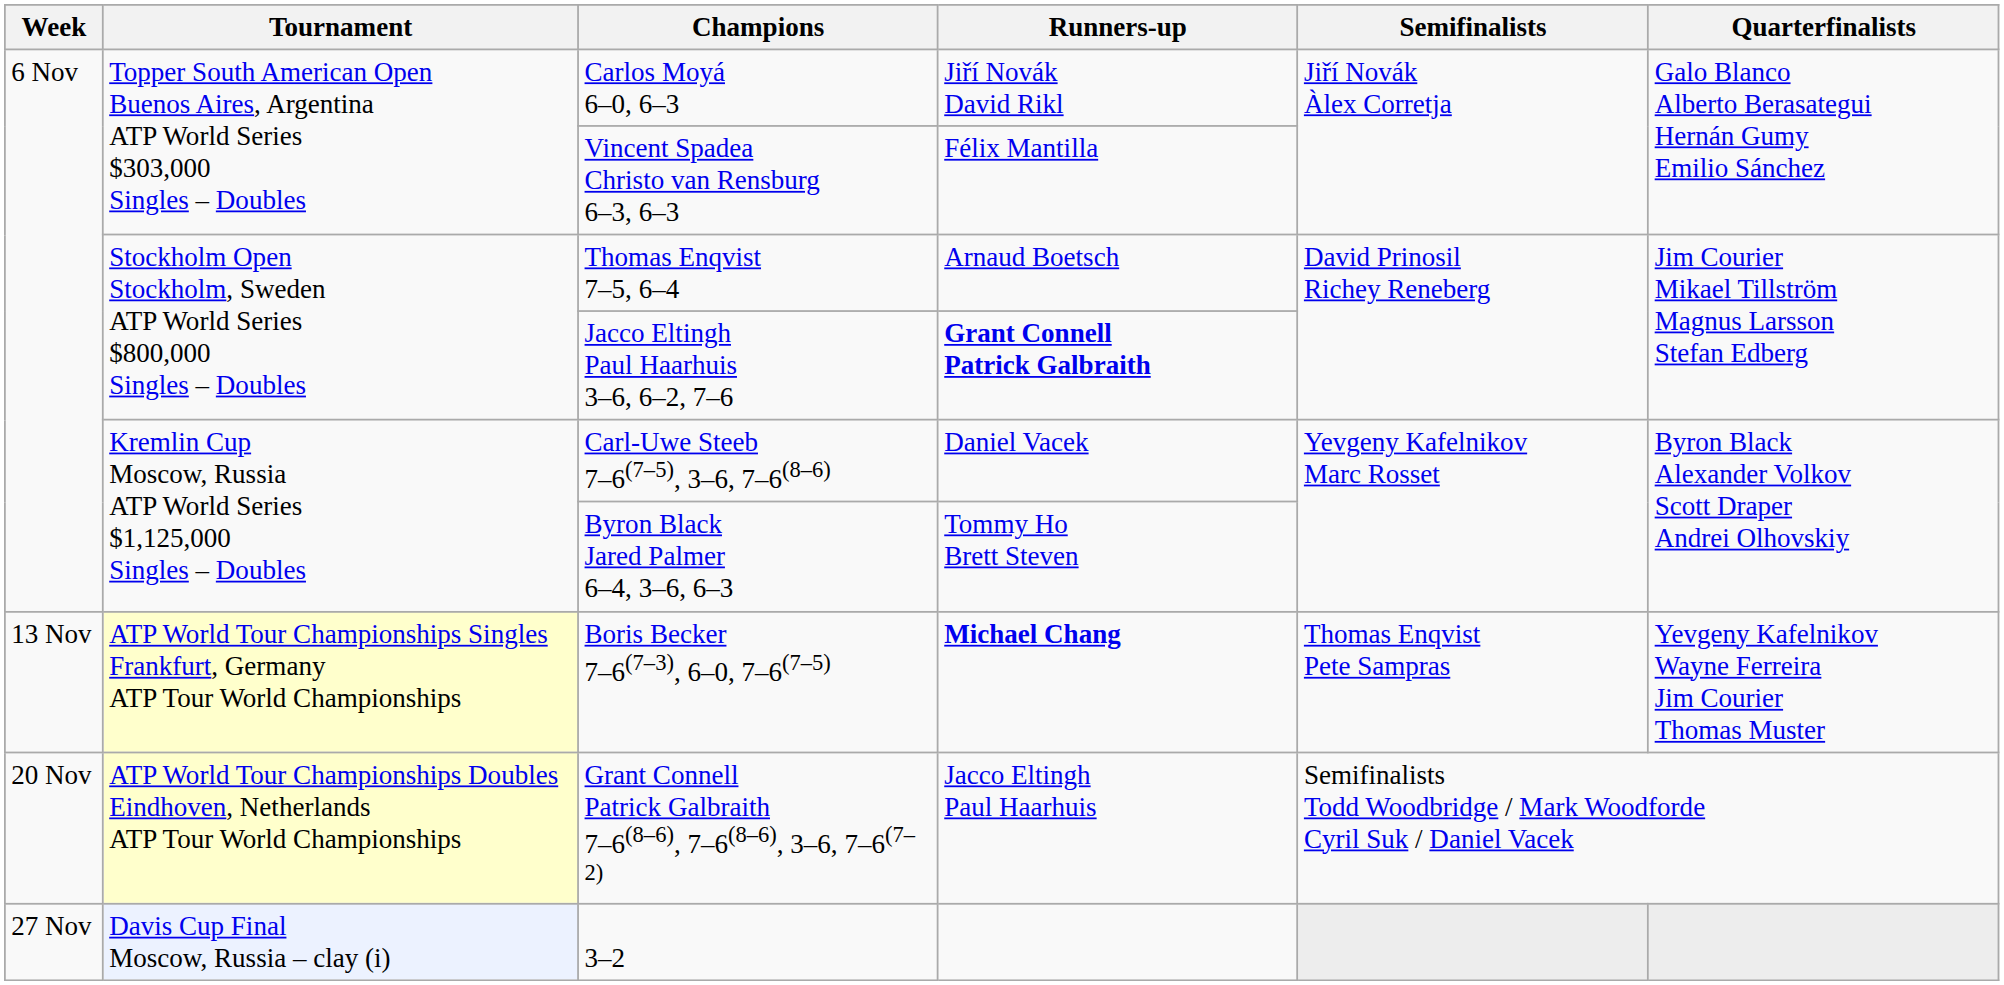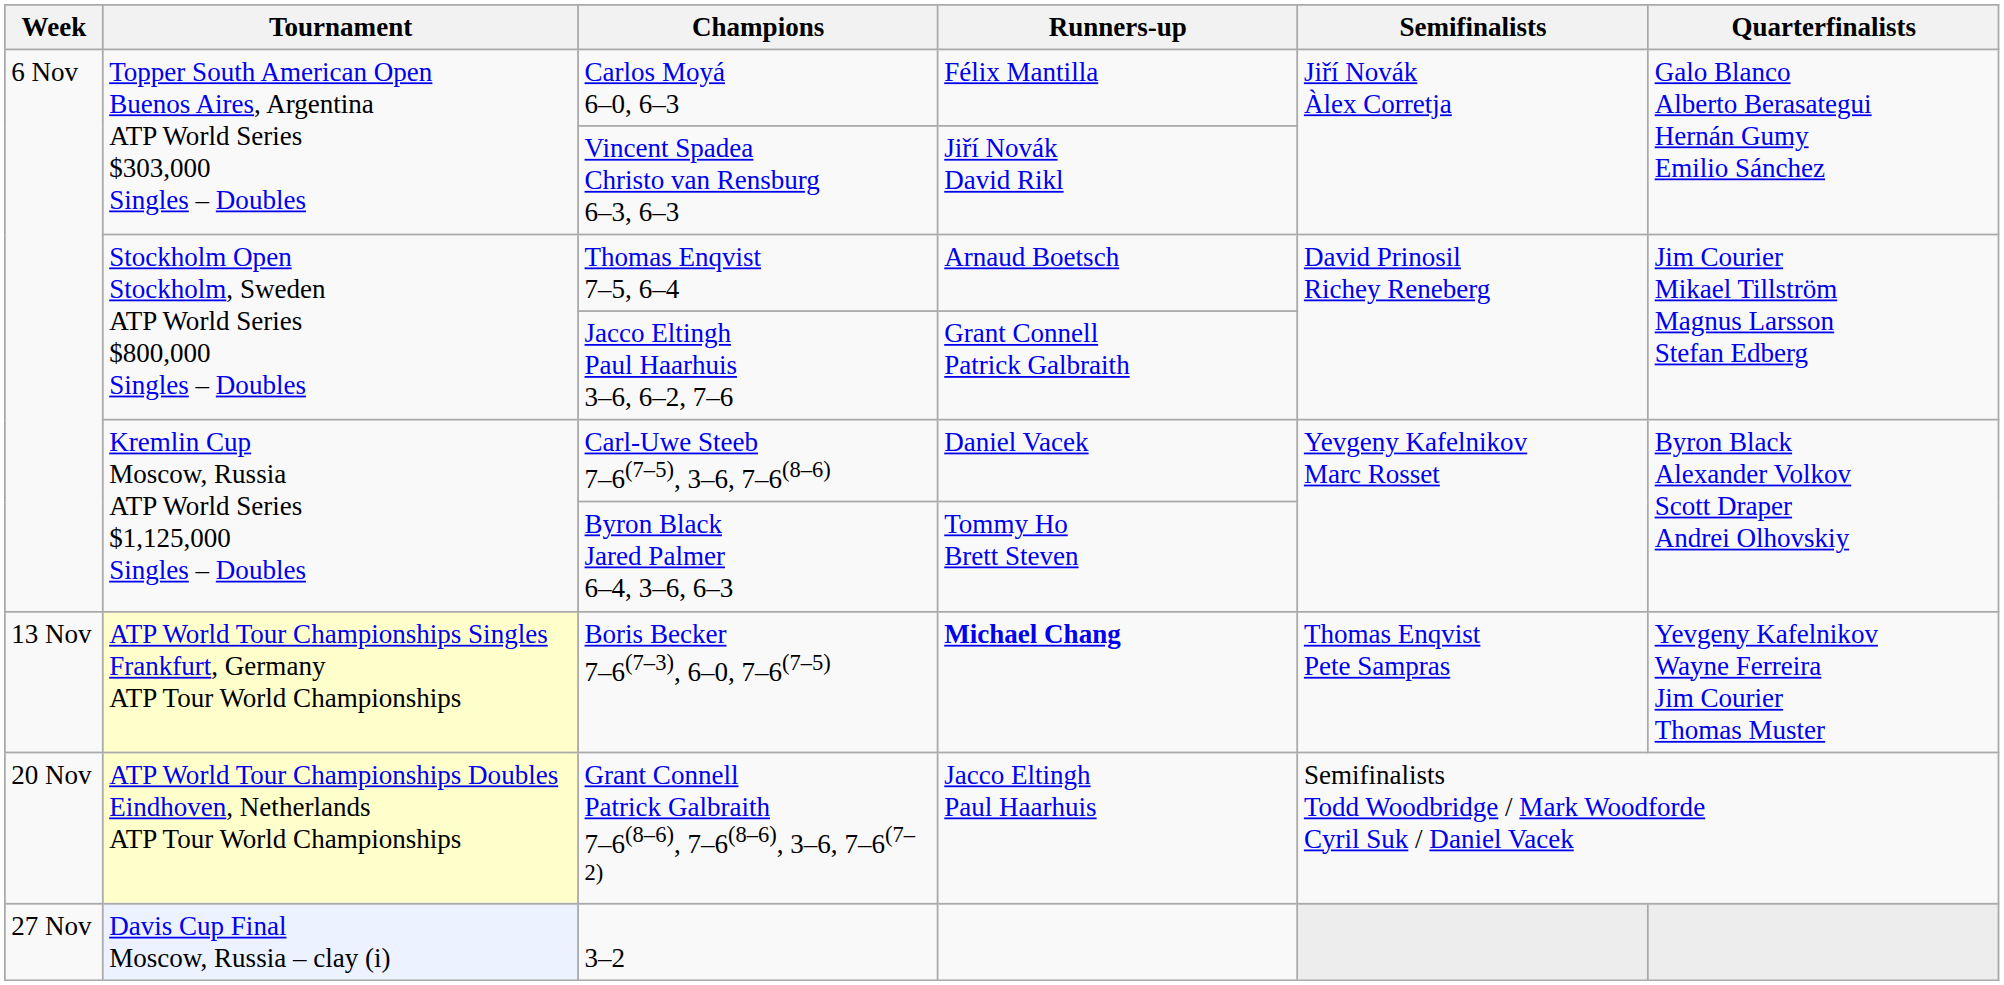 <table class=wikitable style=font-size:95%>
 <tr>
 <th style="width:48px;">Week</th>
 <th style="width:260px;">Tournament</th>
 <th style="width:195px;">Champions</th>
 <th style="width:195px;">Runners-up</th>
 <th style="width:190px;">Semifinalists</th>
 <th style="width:190px;">Quarterfinalists</th>
 </tr>
 <tr valign=top>
 <td rowspan=6>6 Nov</td>
 <td rowspan=2><a href='#'>Topper South American Open</a> <br> <a href='#'>Buenos Aires</a>, Argentina<br>ATP World Series<br>$303,000 <br> <a href='#'>Singles</a> – <a href='#'>Doubles</a></td>
 <td> <a href='#'>Carlos Moyá</a><br> 6–0, 6–3</td>
-<td> <a href='#'>Jiří Novák</a> <br>  <a href='#'>David Rikl</a></td>
+<td> <a href='#'>Félix Mantilla</a></td>
 <td rowspan=2> <a href='#'>Jiří Novák</a><br> <a href='#'>Àlex Corretja</a></td>
 <td rowspan=2> <a href='#'>Galo Blanco</a><br> <a href='#'>Alberto Berasategui</a><br> <a href='#'>Hernán Gumy</a><br> <a href='#'>Emilio Sánchez</a></td>
 </tr>
 <tr valign=top>
 <td> <a href='#'>Vincent Spadea</a> <br>  <a href='#'>Christo van Rensburg</a><br> 6–3, 6–3</td>
-<td> <a href='#'>Félix Mantilla</a></td>
+<td> <a href='#'>Jiří Novák</a> <br>  <a href='#'>David Rikl</a></td>
 </tr>
 <tr valign=top>
 <td rowspan=2><a href='#'>Stockholm Open</a><br> <a href='#'>Stockholm</a>, Sweden<br>ATP World Series<br>$800,000 <br> <a href='#'>Singles</a> – <a href='#'>Doubles</a></td>
 <td> <a href='#'>Thomas Enqvist</a><br> 7–5, 6–4</td>
 <td> <a href='#'>Arnaud Boetsch</a></td>
 <td rowspan=2> <a href='#'>David Prinosil</a><br> <a href='#'>Richey Reneberg</a></td>
 <td rowspan=2> <a href='#'>Jim Courier</a><br> <a href='#'>Mikael Tillström</a><br> <a href='#'>Magnus Larsson</a><br> <a href='#'>Stefan Edberg</a></td>
 </tr>
 <tr valign=top>
 <td> <a href='#'>Jacco Eltingh</a> <br>  <a href='#'>Paul Haarhuis</a><br> 3–6, 6–2, 7–6</td>
-<td><strong> <a href='#'>Grant Connell</a> <br>  <a href='#'>Patrick Galbraith</a></strong></td>
+<td> <a href='#'>Grant Connell</a> <br>  <a href='#'>Patrick Galbraith</a></td>
 </tr>
 <tr valign=top>
 <td rowspan=2><a href='#'>Kremlin Cup</a> <br> Moscow, Russia<br>ATP World Series<br>$1,125,000 <br> <a href='#'>Singles</a> – <a href='#'>Doubles</a></td>
 <td> <a href='#'>Carl-Uwe Steeb</a><br> 7–6<sup>(7–5)</sup>, 3–6, 7–6<sup>(8–6)</sup></td>
 <td> <a href='#'>Daniel Vacek</a></td>
 <td rowspan=2> <a href='#'>Yevgeny Kafelnikov</a><br> <a href='#'>Marc Rosset</a></td>
 <td rowspan=2> <a href='#'>Byron Black</a><br> <a href='#'>Alexander Volkov</a><br> <a href='#'>Scott Draper</a><br> <a href='#'>Andrei Olhovskiy</a></td>
 </tr>
 <tr valign=top>
 <td> <a href='#'>Byron Black</a> <br>  <a href='#'>Jared Palmer</a><br> 6–4, 3–6, 6–3</td>
 <td> <a href='#'>Tommy Ho</a> <br>  <a href='#'>Brett Steven</a></td>
 </tr>
 <tr valign=top>
 <td>13 Nov</td>
 <td bgcolor=#FFFFCC><a href='#'>ATP World Tour Championships Singles</a> <br> <a href='#'>Frankfurt</a>, Germany<br>ATP Tour World Championships</td>
 <td> <a href='#'>Boris Becker</a><br> 7–6<sup>(7–3)</sup>, 6–0, 7–6<sup>(7–5)</sup></td>
 <td><strong> <a href='#'>Michael Chang</a></strong></td>
 <td> <a href='#'>Thomas Enqvist</a><br> <a href='#'>Pete Sampras</a></td>
 <td> <a href='#'>Yevgeny Kafelnikov</a><br> <a href='#'>Wayne Ferreira</a><br> <a href='#'>Jim Courier</a><br> <a href='#'>Thomas Muster</a></td>
 </tr>
 <tr valign=top>
 <td>20 Nov</td>
 <td bgcolor=#FFFFCC><a href='#'>ATP World Tour Championships Doubles</a> <br> <a href='#'>Eindhoven</a>, Netherlands<br>ATP Tour World Championships</td>
 <td> <a href='#'>Grant Connell</a><br> <a href='#'>Patrick Galbraith</a><br> 7–6<sup>(8–6)</sup>, 7–6<sup>(8–6)</sup>, 3–6, 7–6<sup>(7–2)</sup></td>
 <td> <a href='#'>Jacco Eltingh</a><br> <a href='#'>Paul Haarhuis</a></td>
 <td colspan=2>Semifinalists<br> <a href='#'>Todd Woodbridge</a> /  <a href='#'>Mark Woodforde</a><br> <a href='#'>Cyril Suk</a> /  <a href='#'>Daniel Vacek</a></td>
 </tr>
 <tr valign=top>
 <td>27 Nov</td>
 <td style="background:#ECF2FF;"><a href='#'>Davis Cup Final</a><br>Moscow, Russia – clay (i)</td>
 <td><br>3–2</td>
 <td></td>
 <td bgcolor=#ededed></td>
 <td bgcolor=#ededed></td>
 </tr>
 </table>
